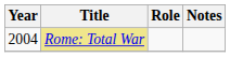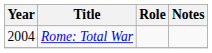 <table class="wikitable sortable">
 <tr>
 <th>Year</th>
 <th>Title</th>
 <th>Role</th>
 <th>Notes</th>
 </tr>
 <tr>
 <td>2004</td>
-<td style="background: khaki;"><em><a href='#'>Rome: Total War</a></em></td>
+<td><em><a href='#'>Rome: Total War</a></em></td>
 <td></td>
 <td></td>
 </tr>
 <tr>
 </tr>
 </table>
